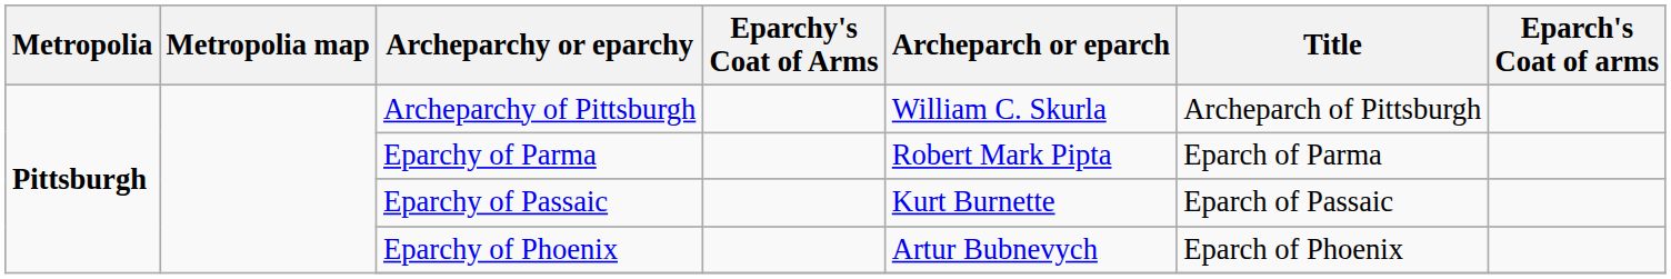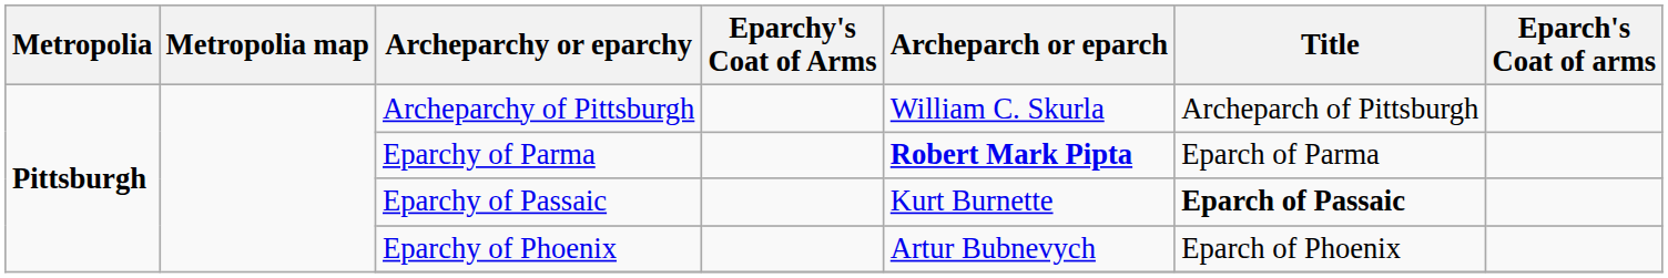 <table class="wikitable sortable">
 <tr>
 <th class=unsortable>Metropolia</th>
 <th class=unsortable>Metropolia map</th>
 <th>Archeparchy or eparchy</th>
 <th>Eparchy's<br>Coat of Arms</th>
 <th>Archeparch or eparch</th>
 <th>Title</th>
 <th class="unsortable">Eparch's<br> Coat of arms</th>
 </tr>
 <tr>
 <td rowspan="5"><strong>Pittsburgh</strong></td>
 <td rowspan="5"></td>
 <td><a href='#'>Archeparchy of Pittsburgh</a></td>
 <td></td>
 <td><a href='#'>William C. Skurla</a></td>
 <td>Archeparch of Pittsburgh</td>
 <td></td>
 </tr>
 <tr>
 <td><a href='#'>Eparchy of Parma</a></td>
 <td></td>
-<td><a href='#'>Robert Mark Pipta</a></td>
+<td><strong><a href='#'>Robert Mark Pipta</a></strong></td>
 <td>Eparch of Parma</td>
 <td></td>
 </tr>
 <tr>
 <td><a href='#'>Eparchy of Passaic</a></td>
 <td></td>
 <td><a href='#'>Kurt Burnette</a></td>
-<td>Eparch of Passaic</td>
+<td><strong>Eparch of Passaic</strong></td>
 <td></td>
 </tr>
 <tr>
 <td><a href='#'>Eparchy of Phoenix</a></td>
 <td></td>
 <td><a href='#'>Artur Bubnevych</a></td>
 <td>Eparch of Phoenix</td>
 <td></td>
 </tr>
 <tr>
 </tr>
 </table>
